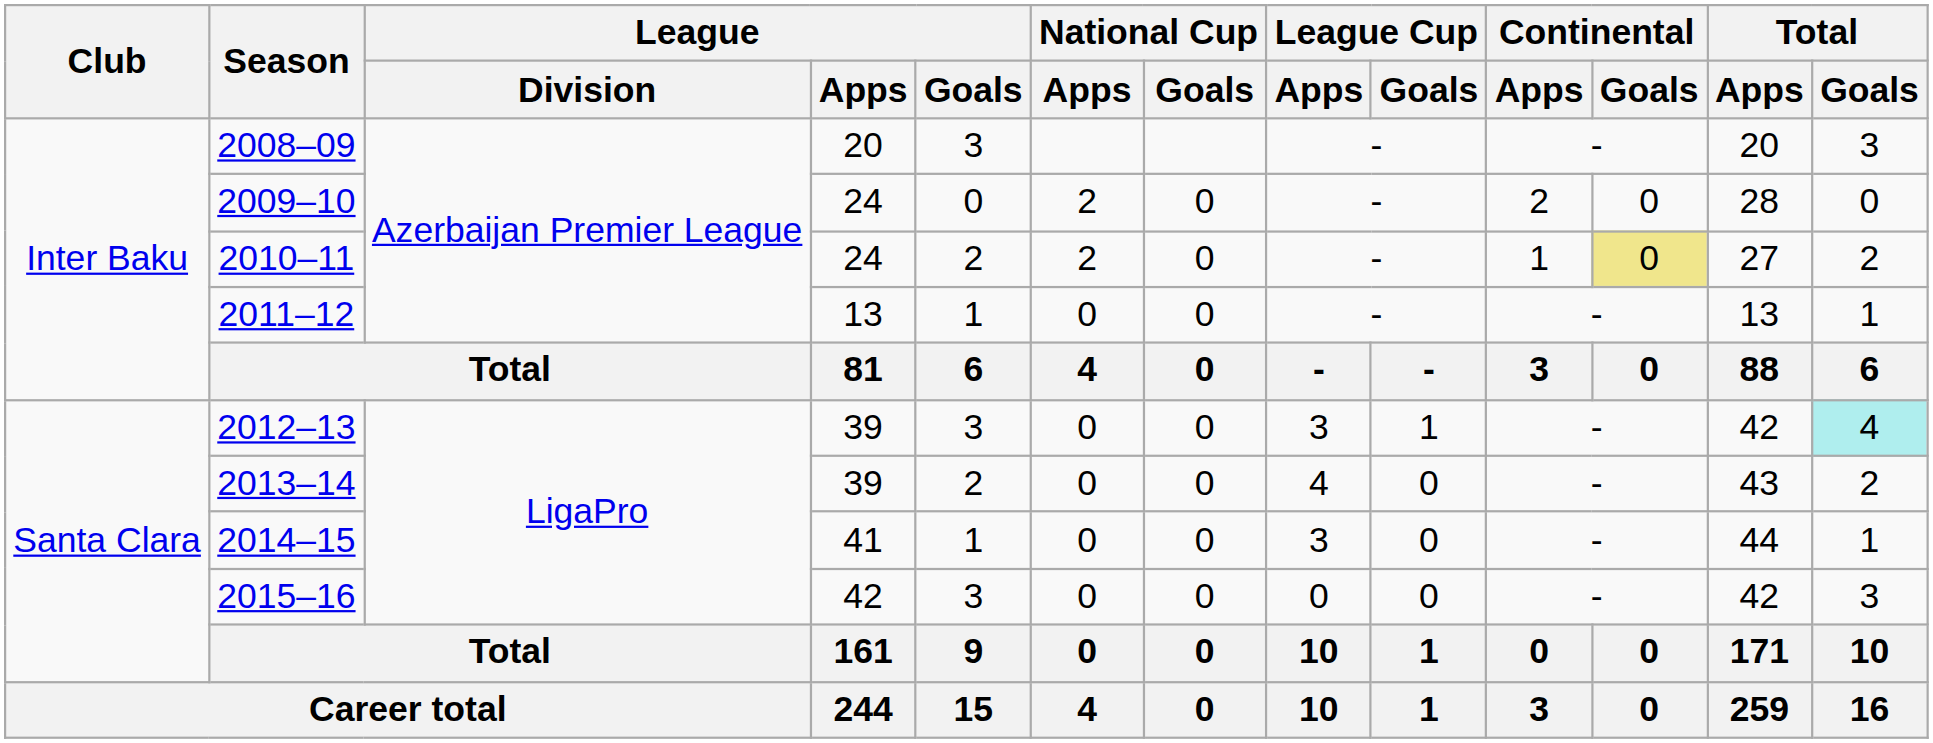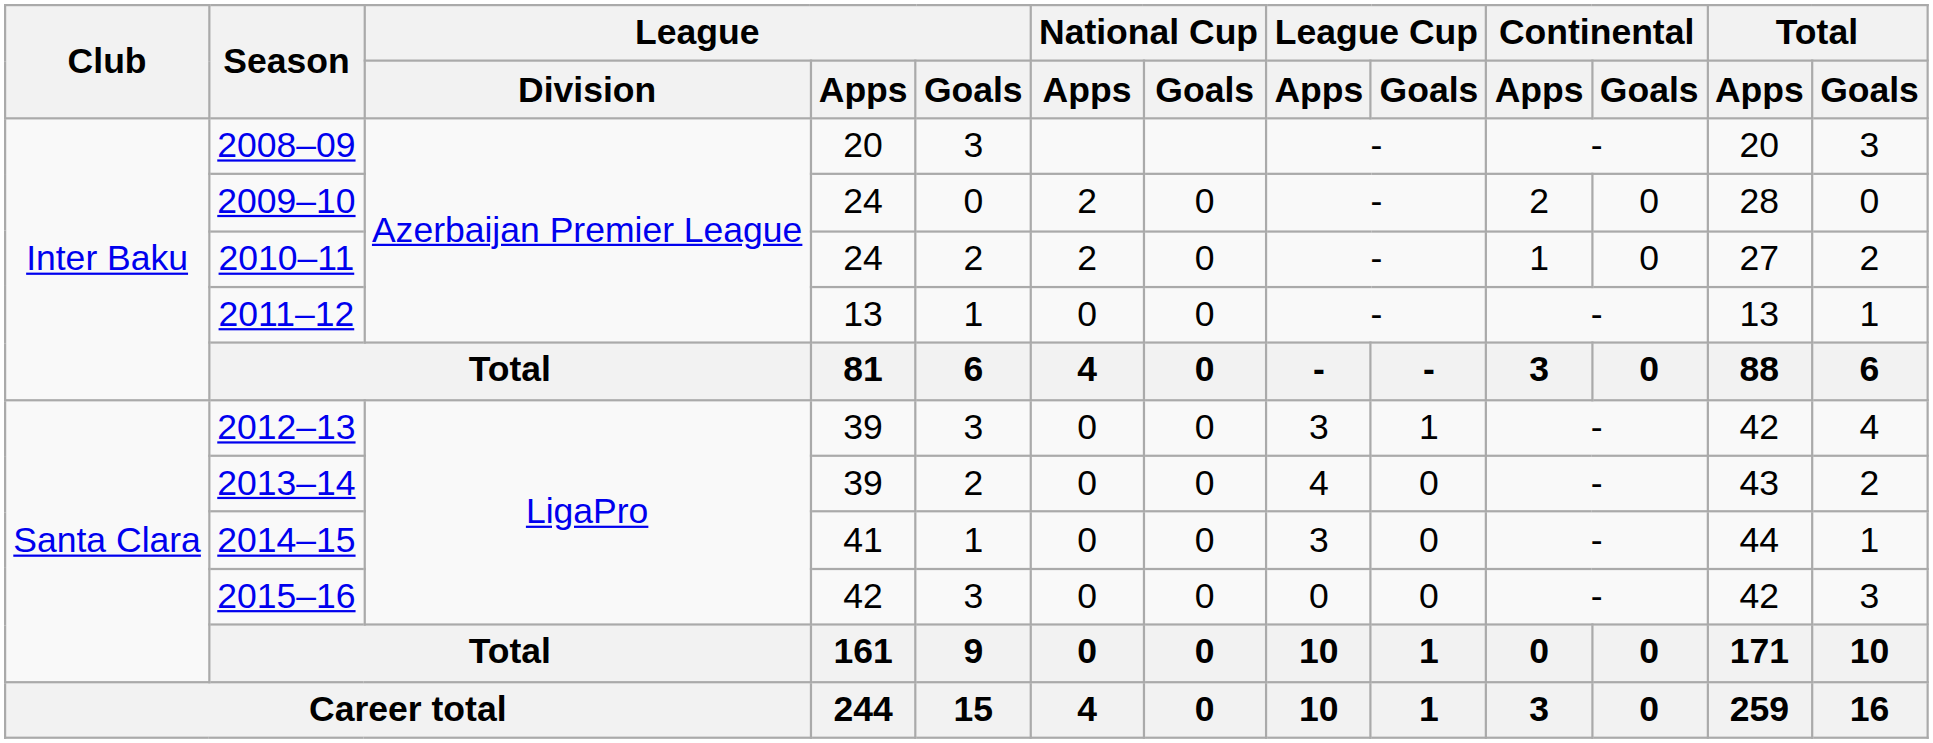 <table class="wikitable" style="text-align: center;">
 <tr>
 <th rowspan="2">Club</th>
 <th rowspan="2">Season</th>
 <th colspan="3">League</th>
 <th colspan="2">National Cup</th>
 <th colspan="2">League Cup</th>
 <th colspan="2">Continental</th>
 <th colspan="2">Total</th>
 </tr>
 <tr>
 <th>Division</th>
 <th>Apps</th>
 <th>Goals</th>
 <th>Apps</th>
 <th>Goals</th>
 <th>Apps</th>
 <th>Goals</th>
 <th>Apps</th>
 <th>Goals</th>
 <th>Apps</th>
 <th>Goals</th>
 </tr>
 <tr>
 <td rowspan="5" valign="center"><a href='#'>Inter Baku</a></td>
 <td><a href='#'>2008–09</a></td>
 <td rowspan="4" valign="center"><a href='#'>Azerbaijan Premier League</a></td>
 <td>20</td>
 <td>3</td>
 <td></td>
 <td></td>
 <td colspan="2">-</td>
 <td colspan="2">-</td>
 <td>20</td>
 <td>3</td>
 </tr>
 <tr>
 <td><a href='#'>2009–10</a></td>
 <td>24</td>
 <td>0</td>
 <td>2</td>
 <td>0</td>
 <td colspan="2">-</td>
 <td>2</td>
 <td>0</td>
 <td>28</td>
 <td>0</td>
 </tr>
 <tr>
 <td><a href='#'>2010–11</a></td>
 <td>24</td>
 <td>2</td>
 <td>2</td>
 <td>0</td>
 <td colspan="2">-</td>
 <td>1</td>
-<td style="background: khaki;">0</td>
+<td>0</td>
 <td>27</td>
 <td>2</td>
 </tr>
 <tr>
 <td><a href='#'>2011–12</a></td>
 <td>13</td>
 <td>1</td>
 <td>0</td>
 <td>0</td>
 <td colspan="2">-</td>
 <td colspan="2">-</td>
 <td>13</td>
 <td>1</td>
 </tr>
 <tr>
 <th colspan="2">Total</th>
 <th>81</th>
 <th>6</th>
 <th>4</th>
 <th>0</th>
 <th>-</th>
 <th>-</th>
 <th>3</th>
 <th>0</th>
 <th>88</th>
 <th>6</th>
 </tr>
 <tr>
 <td rowspan="5" valign="center"><a href='#'>Santa Clara</a></td>
 <td><a href='#'>2012–13</a></td>
 <td rowspan="4" valign="center"><a href='#'>LigaPro</a></td>
 <td>39</td>
 <td>3</td>
 <td>0</td>
 <td>0</td>
 <td>3</td>
 <td>1</td>
 <td colspan="2">-</td>
 <td>42</td>
-<td style="background: paleturquoise;">4</td>
+<td>4</td>
 </tr>
 <tr>
 <td><a href='#'>2013–14</a></td>
 <td>39</td>
 <td>2</td>
 <td>0</td>
 <td>0</td>
 <td>4</td>
 <td>0</td>
 <td colspan="2">-</td>
 <td>43</td>
 <td>2</td>
 </tr>
 <tr>
 <td><a href='#'>2014–15</a></td>
 <td>41</td>
 <td>1</td>
 <td>0</td>
 <td>0</td>
 <td>3</td>
 <td>0</td>
 <td colspan="2">-</td>
 <td>44</td>
 <td>1</td>
 </tr>
 <tr>
 <td><a href='#'>2015–16</a></td>
 <td>42</td>
 <td>3</td>
 <td>0</td>
 <td>0</td>
 <td>0</td>
 <td>0</td>
 <td colspan="2">-</td>
 <td>42</td>
 <td>3</td>
 </tr>
 <tr>
 <th colspan="2">Total</th>
 <th>161</th>
 <th>9</th>
 <th>0</th>
 <th>0</th>
 <th>10</th>
 <th>1</th>
 <th>0</th>
 <th>0</th>
 <th>171</th>
 <th>10</th>
 </tr>
 <tr>
 <th colspan="3">Career total</th>
 <th>244</th>
 <th>15</th>
 <th>4</th>
 <th>0</th>
 <th>10</th>
 <th>1</th>
 <th>3</th>
 <th>0</th>
 <th>259</th>
 <th>16</th>
 </tr>
 </table>
